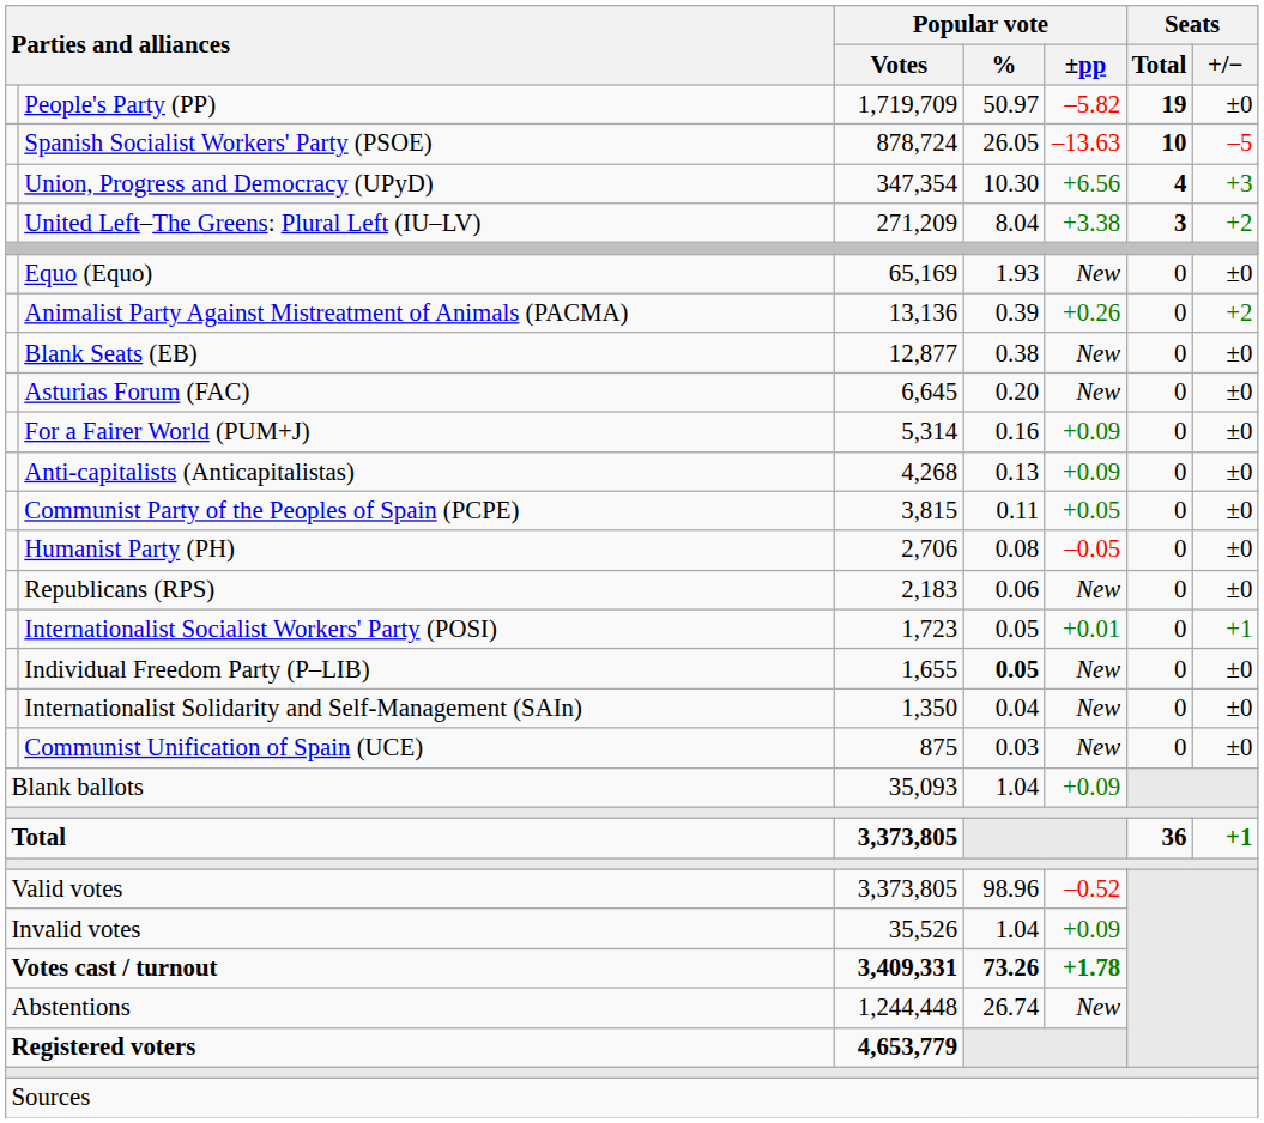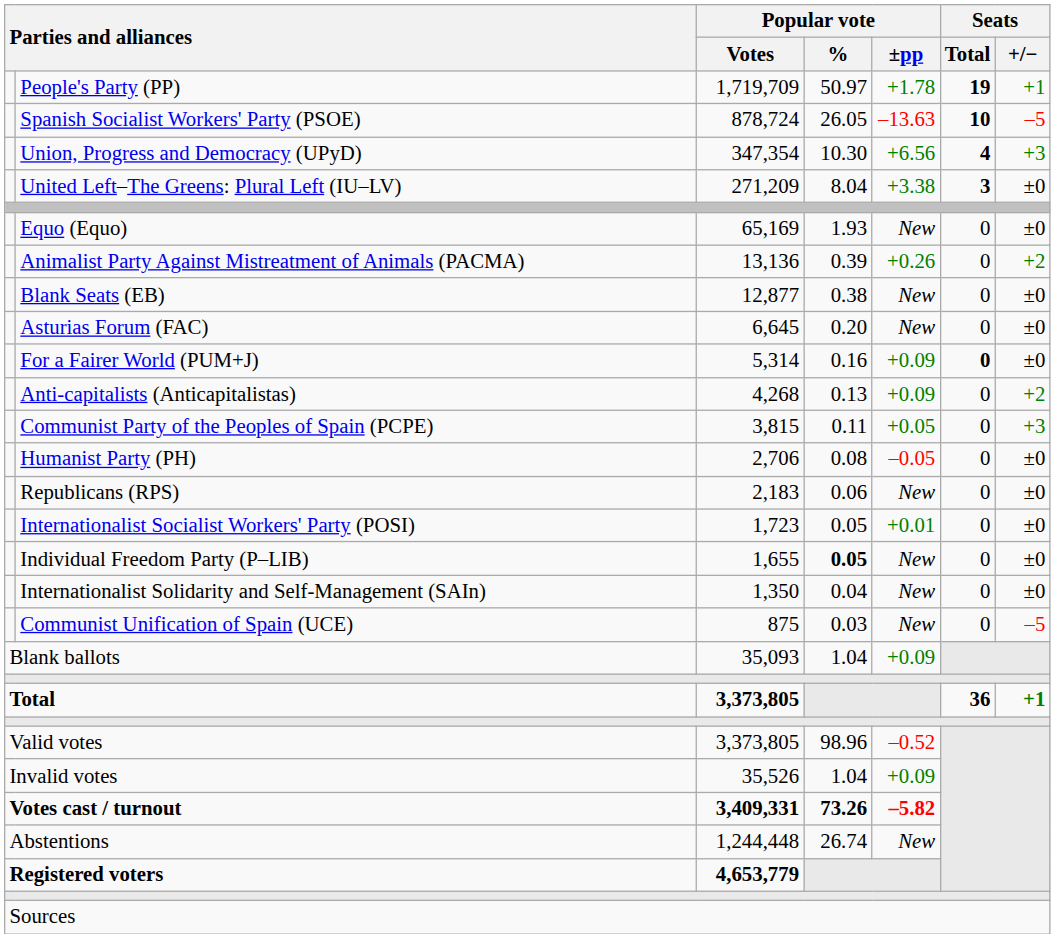 <table class="wikitable" style="text-align:right;">
 <tr>
 <th style="text-align:left;" rowspan="2" colspan="2" width="525">Parties and alliances</th>
 <th colspan="3">Popular vote</th>
 <th colspan="2">Seats</th>
 </tr>
 <tr>
 <th width="75">Votes</th>
 <th width="45">%</th>
 <th width="45">±<a href='#'>pp</a></th>
 <th width="35">Total</th>
 <th width="35">+/−</th>
 </tr>
 <tr>
 <td width="1" style="color:inherit;background:"></td>
 <td align="left"><a href='#'>People's Party</a> (PP)</td>
 <td>1,719,709</td>
 <td>50.97</td>
-<td style="color:red;">–5.82</td>
+<td style="color:green;">+1.78</td>
 <td><strong>19</strong></td>
-<td>±0</td>
+<td style="color:green;">+1</td>
 </tr>
 <tr>
 <td style="color:inherit;background:"></td>
 <td align="left"><a href='#'>Spanish Socialist Workers' Party</a> (PSOE)</td>
 <td>878,724</td>
 <td>26.05</td>
 <td style="color:red;">–13.63</td>
 <td><strong>10</strong></td>
 <td style="color:red;">–5</td>
 </tr>
 <tr>
 <td style="color:inherit;background:"></td>
 <td align="left"><a href='#'>Union, Progress and Democracy</a> (UPyD)</td>
 <td>347,354</td>
 <td>10.30</td>
 <td style="color:green;">+6.56</td>
 <td><strong>4</strong></td>
 <td style="color:green;">+3</td>
 </tr>
 <tr>
 <td style="color:inherit;background:"></td>
 <td align="left"><a href='#'>United Left</a>–<a href='#'>The Greens</a>: <a href='#'>Plural Left</a> (IU–LV)</td>
 <td>271,209</td>
 <td>8.04</td>
 <td style="color:green;">+3.38</td>
 <td><strong>3</strong></td>
-<td style="color:green;">+2</td>
+<td>±0</td>
 </tr>
 <tr>
 <td colspan="7" bgcolor="#C0C0C0"></td>
 </tr>
 <tr>
 <td style="color:inherit;background:"></td>
 <td align="left"><a href='#'>Equo</a> (Equo)</td>
 <td>65,169</td>
 <td>1.93</td>
 <td><em>New</em></td>
 <td>0</td>
 <td>±0</td>
 </tr>
 <tr>
 <td style="color:inherit;background:"></td>
 <td align="left"><a href='#'>Animalist Party Against Mistreatment of Animals</a> (PACMA)</td>
 <td>13,136</td>
 <td>0.39</td>
 <td style="color:green;">+0.26</td>
 <td>0</td>
 <td style="color:green;">+2</td>
 </tr>
 <tr>
 <td style="color:inherit;background:"></td>
 <td align="left"><a href='#'>Blank Seats</a> (EB)</td>
 <td>12,877</td>
 <td>0.38</td>
 <td><em>New</em></td>
 <td>0</td>
 <td>±0</td>
 </tr>
 <tr>
 <td style="color:inherit;background:"></td>
 <td align="left"><a href='#'>Asturias Forum</a> (FAC)</td>
 <td>6,645</td>
 <td>0.20</td>
 <td><em>New</em></td>
 <td>0</td>
 <td>±0</td>
 </tr>
 <tr>
 <td style="color:inherit;background:"></td>
 <td align="left"><a href='#'>For a Fairer World</a> (PUM+J)</td>
 <td>5,314</td>
 <td>0.16</td>
 <td style="color:green;">+0.09</td>
-<td>0</td>
+<td><strong>0</strong></td>
 <td>±0</td>
 </tr>
 <tr>
 <td style="color:inherit;background:"></td>
 <td align="left"><a href='#'>Anti-capitalists</a> (Anticapitalistas)</td>
 <td>4,268</td>
 <td>0.13</td>
 <td style="color:green;">+0.09</td>
 <td>0</td>
-<td>±0</td>
+<td style="color:green;">+2</td>
 </tr>
 <tr>
 <td style="color:inherit;background:"></td>
 <td align="left"><a href='#'>Communist Party of the Peoples of Spain</a> (PCPE)</td>
 <td>3,815</td>
 <td>0.11</td>
 <td style="color:green;">+0.05</td>
 <td>0</td>
-<td>±0</td>
+<td style="color:green;">+3</td>
 </tr>
 <tr>
 <td style="color:inherit;background:"></td>
 <td align="left"><a href='#'>Humanist Party</a> (PH)</td>
 <td>2,706</td>
 <td>0.08</td>
 <td style="color:red;">–0.05</td>
 <td>0</td>
 <td>±0</td>
 </tr>
 <tr>
 <td style="color:inherit;background:"></td>
 <td align="left">Republicans (RPS)</td>
 <td>2,183</td>
 <td>0.06</td>
 <td><em>New</em></td>
 <td>0</td>
 <td>±0</td>
 </tr>
 <tr>
 <td style="color:inherit;background:"></td>
 <td align="left"><a href='#'>Internationalist Socialist Workers' Party</a> (POSI)</td>
 <td>1,723</td>
 <td>0.05</td>
 <td style="color:green;">+0.01</td>
 <td>0</td>
-<td style="color:green;">+1</td>
+<td>±0</td>
 </tr>
 <tr>
 <td style="color:inherit;background:"></td>
 <td align="left">Individual Freedom Party (P–LIB)</td>
 <td>1,655</td>
 <td><strong>0.05</strong></td>
 <td><em>New</em></td>
 <td>0</td>
 <td>±0</td>
 </tr>
 <tr>
 <td style="color:inherit;background:"></td>
 <td align="left">Internationalist Solidarity and Self-Management (SAIn)</td>
 <td>1,350</td>
 <td>0.04</td>
 <td><em>New</em></td>
 <td>0</td>
 <td>±0</td>
 </tr>
 <tr>
 <td style="color:inherit;background:"></td>
 <td align="left"><a href='#'>Communist Unification of Spain</a> (UCE)</td>
 <td>875</td>
 <td>0.03</td>
 <td><em>New</em></td>
 <td>0</td>
-<td>±0</td>
+<td style="color:red;">–5</td>
 </tr>
 <tr>
 <td align="left" colspan="2">Blank ballots</td>
 <td>35,093</td>
 <td>1.04</td>
 <td style="color:green;">+0.09</td>
 <td bgcolor="#E9E9E9" colspan="2"></td>
 </tr>
 <tr>
 <td colspan="7" bgcolor="#E9E9E9"></td>
 </tr>
 <tr style="font-weight:bold;">
 <td align="left" colspan="2">Total</td>
 <td>3,373,805</td>
 <td bgcolor="#E9E9E9" colspan="2"></td>
 <td>36</td>
 <td style="color:green;">+1</td>
 </tr>
 <tr>
 <td colspan="7" bgcolor="#E9E9E9"></td>
 </tr>
 <tr>
 <td align="left" colspan="2">Valid votes</td>
 <td>3,373,805</td>
 <td>98.96</td>
 <td style="color:red;">–0.52</td>
 <td bgcolor="#E9E9E9" colspan="2" rowspan="5"></td>
 </tr>
 <tr>
 <td align="left" colspan="2">Invalid votes</td>
 <td>35,526</td>
 <td>1.04</td>
 <td style="color:green;">+0.09</td>
 </tr>
 <tr style="font-weight:bold;">
 <td align="left" colspan="2">Votes cast / turnout</td>
 <td>3,409,331</td>
 <td>73.26</td>
-<td style="color:green;">+1.78</td>
+<td style="color:red;">–5.82</td>
 </tr>
 <tr>
 <td align="left" colspan="2">Abstentions</td>
 <td>1,244,448</td>
 <td>26.74</td>
 <td><em>New</em></td>
 </tr>
 <tr style="font-weight:bold;">
 <td align="left" colspan="2">Registered voters</td>
 <td>4,653,779</td>
 <td bgcolor="#E9E9E9" colspan="2"></td>
 </tr>
 <tr>
 <td colspan="7" bgcolor="#E9E9E9"></td>
 </tr>
 <tr>
 <td align="left" colspan="7">Sources</td>
 </tr>
 </table>
